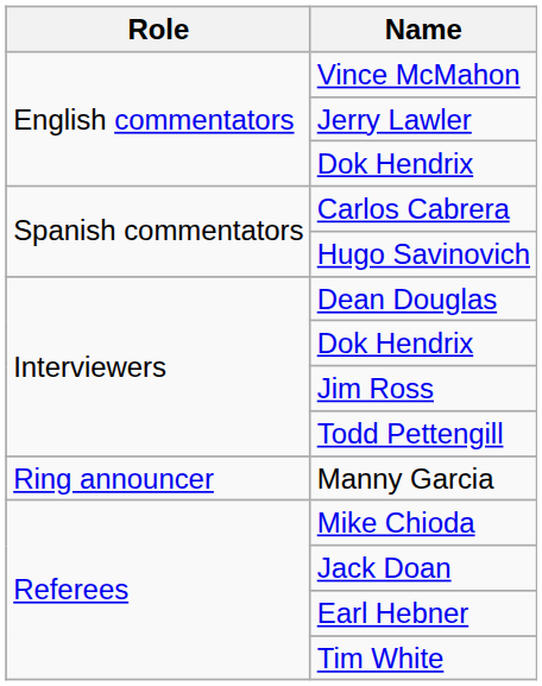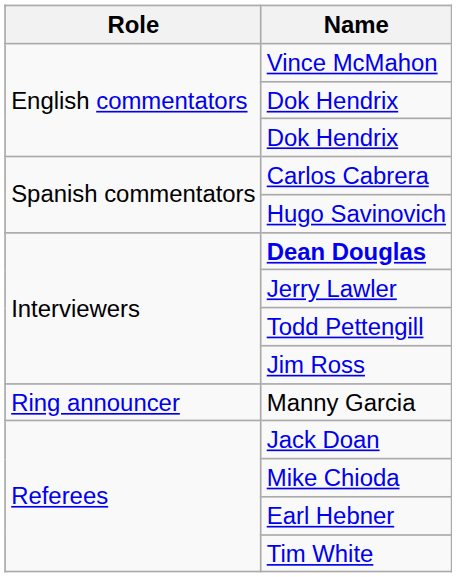 <table class=wikitable style="font-size:90%; margin: 0.5em 0 0.5em 1em; float: right; clear: right;">
 <tr>
 <th>Role</th>
 <th>Name</th>
 </tr>
 <tr>
 <td rowspan="3">English <a href='#'>commentators</a></td>
 <td><a href='#'>Vince McMahon</a></td>
 </tr>
 <tr>
-<td><a href='#'>Jerry Lawler</a> </td>
+<td><a href='#'>Dok Hendrix</a></td>
 </tr>
 <tr>
 <td><a href='#'>Dok Hendrix</a> </td>
 </tr>
 <tr>
 <td rowspan="2">Spanish commentators</td>
 <td><a href='#'>Carlos Cabrera</a></td>
 </tr>
 <tr>
 <td><a href='#'>Hugo Savinovich</a></td>
 </tr>
 <tr>
 <td rowspan="4">Interviewers</td>
-<td><a href='#'>Dean Douglas</a></td>
+<td><strong><a href='#'>Dean Douglas</a></strong></td>
 </tr>
 <tr>
-<td><a href='#'>Dok Hendrix</a></td>
+<td><a href='#'>Jerry Lawler</a> </td>
+</tr>
+<tr>
+<td><a href='#'>Todd Pettengill</a></td>
 </tr>
 <tr>
 <td><a href='#'>Jim Ross</a></td>
-</tr>
-<tr>
-<td><a href='#'>Todd Pettengill</a></td>
 </tr>
 <tr>
 <td><a href='#'>Ring announcer</a></td>
 <td>Manny Garcia</td>
 </tr>
 <tr>
 <td rowspan="4"><a href='#'>Referees</a></td>
-<td><a href='#'>Mike Chioda</a></td>
+<td><a href='#'>Jack Doan</a></td>
 </tr>
 <tr>
-<td><a href='#'>Jack Doan</a></td>
+<td><a href='#'>Mike Chioda</a></td>
 </tr>
 <tr>
 <td><a href='#'>Earl Hebner</a></td>
 </tr>
 <tr>
 <td><a href='#'>Tim White</a></td>
 </tr>
 </table>
